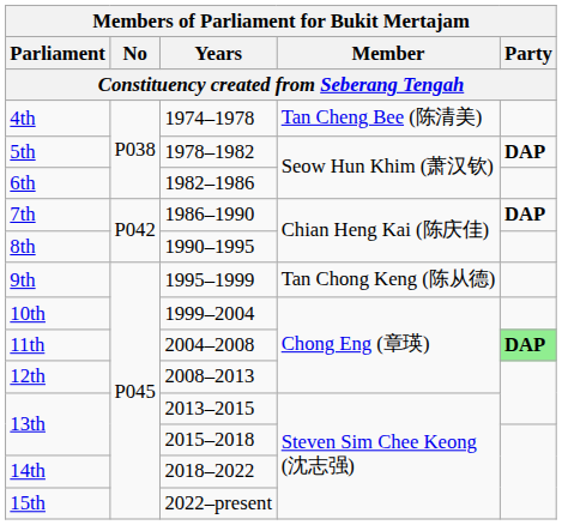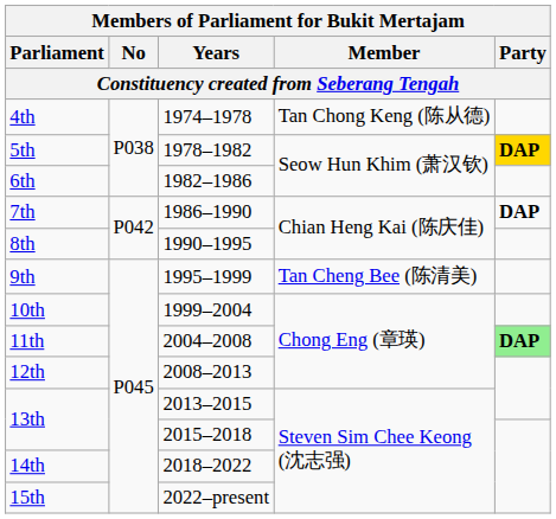 <table class=wikitable>
 <tr>
 <th colspan="5">Members of Parliament for Bukit Mertajam</th>
 </tr>
 <tr>
 <th>Parliament</th>
 <th>No</th>
 <th>Years</th>
 <th>Member</th>
 <th>Party</th>
 </tr>
 <tr>
 <th colspan="5" align="center"><em>Constituency created from <a href='#'>Seberang Tengah</a></em></th>
 </tr>
 <tr>
 <td><a href='#'>4th</a></td>
 <td rowspan="3">P038</td>
 <td>1974–1978</td>
-<td><a href='#'>Tan Cheng Bee</a> (陈清美)</td>
+<td>Tan Chong Keng (陈从德)</td>
 <td></td>
 </tr>
 <tr>
 <td><a href='#'>5th</a></td>
 <td>1978–1982</td>
 <td rowspan=2>Seow Hun Khim (萧汉钦)</td>
-<td><strong>DAP</strong></td>
+<td style="background: gold;"><strong>DAP</strong></td>
 </tr>
 <tr>
 <td><a href='#'>6th</a></td>
 <td>1982–1986</td>
 <td></td>
 </tr>
 <tr>
 <td><a href='#'>7th</a></td>
 <td rowspan="2">P042</td>
 <td>1986–1990</td>
 <td rowspan=2>Chian Heng Kai (陈庆佳)</td>
 <td><strong>DAP</strong></td>
 </tr>
 <tr>
 <td><a href='#'>8th</a></td>
 <td>1990–1995</td>
 <td bgcolor=></td>
 </tr>
 <tr>
 <td><a href='#'>9th</a></td>
 <td rowspan=8>P045</td>
 <td>1995–1999</td>
-<td>Tan Chong Keng (陈从德)</td>
+<td><a href='#'>Tan Cheng Bee</a> (陈清美)</td>
 <td></td>
 </tr>
 <tr>
 <td><a href='#'>10th</a></td>
 <td>1999–2004</td>
 <td rowspan=3><a href='#'>Chong Eng</a> (章瑛)</td>
 <td></td>
 </tr>
 <tr>
 <td><a href='#'>11th</a></td>
 <td>2004–2008</td>
 <td style="background: lightgreen;"><strong>DAP</strong></td>
 </tr>
 <tr>
 <td><a href='#'>12th</a></td>
 <td>2008–2013</td>
 <td rowspan=2></td>
 </tr>
 <tr>
 <td rowspan=2><a href='#'>13th</a></td>
 <td>2013–2015</td>
 <td rowspan=4><a href='#'>Steven Sim Chee Keong</a> <br>(沈志强)</td>
 </tr>
 <tr>
 <td>2015–2018</td>
 <td rowspan=3></td>
 </tr>
 <tr>
 <td><a href='#'>14th</a></td>
 <td>2018–2022</td>
 </tr>
 <tr>
 <td><a href='#'>15th</a></td>
 <td>2022–present</td>
 </tr>
 </table>
